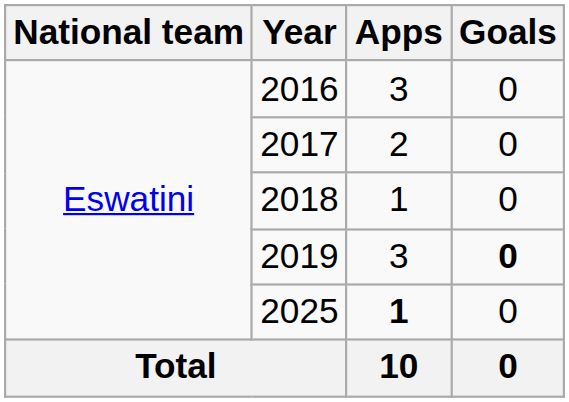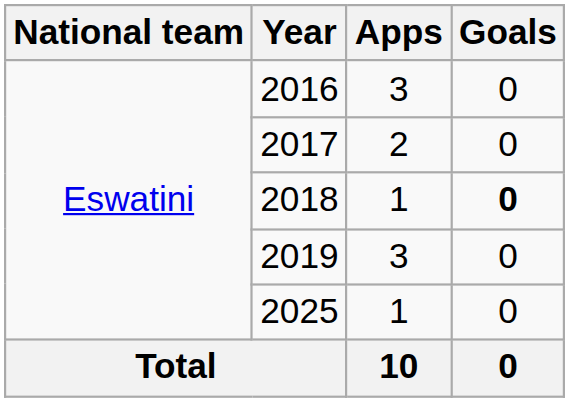 <table class=wikitable style=text-align:center>
 <tr>
 <th>National team</th>
 <th>Year</th>
 <th>Apps</th>
 <th>Goals</th>
 </tr>
 <tr>
 <td rowspan="5"><a href='#'>Eswatini</a></td>
 <td>2016</td>
 <td>3</td>
 <td>0</td>
 </tr>
 <tr>
 <td>2017</td>
 <td>2</td>
 <td>0</td>
 </tr>
 <tr>
 <td>2018</td>
 <td>1</td>
-<td>0</td>
+<td><strong>0</strong></td>
 </tr>
 <tr>
 <td>2019</td>
 <td>3</td>
-<td><strong>0</strong></td>
+<td>0</td>
 </tr>
 <tr>
 <td>2025</td>
-<td><strong>1</strong></td>
+<td>1</td>
 <td>0</td>
 </tr>
 <tr>
 <th colspan="2">Total</th>
 <th>10</th>
 <th>0</th>
 </tr>
 </table>
